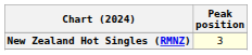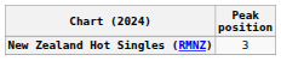 <table class="wikitable sortable plainrowheaders" style="text-align:center">
 <tr>
 <th scope="col">Chart (2024)</th>
 <th scope="col">Peak<br>position</th>
 </tr>
 <tr>
 </tr>
 <tr>
 <th scope="row">New Zealand Hot Singles (<a href='#'>RMNZ</a>)</th>
-<td style="background: lightyellow;">3</td>
+<td>3</td>
 </tr>
 <tr>
 </tr>
 <tr>
 </tr>
 <tr>
 </tr>
 <tr>
 </tr>
 </table>
